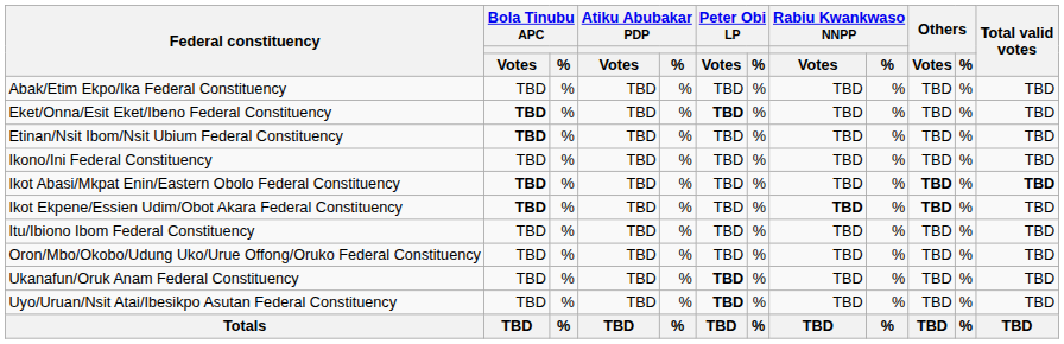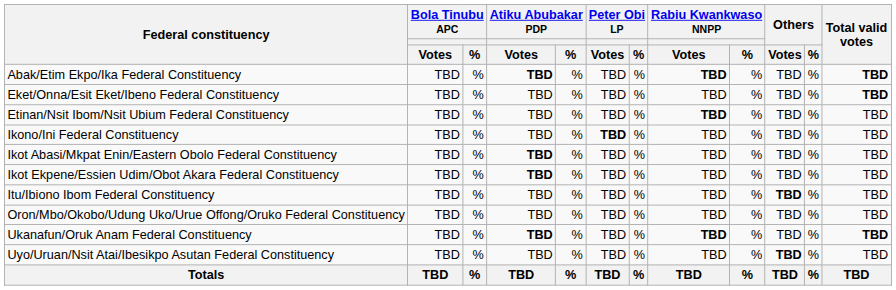 <table class="wikitable sortable" style="text-align:right; font-size:90%">
 <tr>
 <th rowspan="3" style="max-width:7.5em;">Federal constituency</th>
 <th colspan="2"><a href='#'>Bola Tinubu</a><br><small>APC</small></th>
 <th colspan="2"><a href='#'>Atiku Abubakar</a><br><small>PDP</small></th>
 <th colspan="2"><a href='#'>Peter Obi</a><br><small>LP</small></th>
 <th colspan="2"><a href='#'>Rabiu Kwankwaso</a><br><small>NNPP</small></th>
 <th colspan="2" rowspan="2">Others</th>
 <th rowspan="3" style="max-width:5em;">Total valid votes</th>
 </tr>
 <tr>
 <th colspan=2 style="background-color:"></th>
 <th colspan=2 style="background-color:"></th>
 <th colspan=2 style="background-color:"></th>
 <th colspan=2 style="background-color:"></th>
 </tr>
 <tr>
 <th>Votes</th>
 <th>%</th>
 <th>Votes</th>
 <th>%</th>
 <th>Votes</th>
 <th>%</th>
 <th>Votes</th>
 <th>%</th>
 <th>Votes</th>
 <th>%</th>
 </tr>
 <tr style="background-color:#">
 <td style="text-align:left;">Abak/Etim Ekpo/Ika Federal Constituency</td>
 <td>TBD</td>
 <td>%</td>
+<td><strong>TBD</strong></td>
+<td>%</td>
+<td>TBD</td>
+<td>%</td>
+<td><strong>TBD</strong></td>
+<td>%</td>
+<td>TBD</td>
+<td>%</td>
+<td><strong>TBD</strong></td>
+</tr>
+<tr style="background-color:#">
+<td style="text-align:left;">Eket/Onna/Esit Eket/Ibeno Federal Constituency</td>
 <td>TBD</td>
 <td>%</td>
 <td>TBD</td>
 <td>%</td>
 <td>TBD</td>
 <td>%</td>
 <td>TBD</td>
 <td>%</td>
 <td>TBD</td>
+<td>%</td>
+<td><strong>TBD</strong></td>
 </tr>
 <tr style="background-color:#">
-<td style="text-align:left;">Eket/Onna/Esit Eket/Ibeno Federal Constituency</td>
+<td style="text-align:left;">Etinan/Nsit Ibom/Nsit Ubium Federal Constituency</td>
+<td>TBD</td>
+<td>%</td>
+<td>TBD</td>
+<td>%</td>
+<td>TBD</td>
+<td>%</td>
 <td><strong>TBD</strong></td>
+<td>%</td>
+<td>TBD</td>
+<td>%</td>
+<td>TBD</td>
+</tr>
+<tr style="background-color:#">
+<td style="text-align:left;">Ikono/Ini Federal Constituency</td>
+<td>TBD</td>
 <td>%</td>
 <td>TBD</td>
 <td>%</td>
 <td><strong>TBD</strong></td>
 <td>%</td>
 <td>TBD</td>
 <td>%</td>
 <td>TBD</td>
 <td>%</td>
 <td>TBD</td>
 </tr>
 <tr style="background-color:#">
-<td style="text-align:left;">Etinan/Nsit Ibom/Nsit Ubium Federal Constituency</td>
+<td style="text-align:left;">Ikot Abasi/Mkpat Enin/Eastern Obolo Federal Constituency</td>
+<td>TBD</td>
+<td>%</td>
 <td><strong>TBD</strong></td>
-<td>%</td>
-<td>TBD</td>
 <td>%</td>
 <td>TBD</td>
 <td>%</td>
 <td>TBD</td>
 <td>%</td>
 <td>TBD</td>
 <td>%</td>
 <td>TBD</td>
 </tr>
 <tr style="background-color:#">
-<td style="text-align:left;">Ikono/Ini Federal Constituency</td>
+<td style="text-align:left;">Ikot Ekpene/Essien Udim/Obot Akara Federal Constituency</td>
 <td>TBD</td>
 <td>%</td>
-<td>TBD</td>
-<td>%</td>
-<td>TBD</td>
-<td>%</td>
-<td>TBD</td>
-<td>%</td>
-<td>TBD</td>
-<td>%</td>
-<td>TBD</td>
-</tr>
-<tr style="background-color:#">
-<td style="text-align:left;">Ikot Abasi/Mkpat Enin/Eastern Obolo Federal Constituency</td>
 <td><strong>TBD</strong></td>
 <td>%</td>
 <td>TBD</td>
 <td>%</td>
 <td>TBD</td>
 <td>%</td>
 <td>TBD</td>
-<td>%</td>
-<td><strong>TBD</strong></td>
-<td>%</td>
-<td><strong>TBD</strong></td>
-</tr>
-<tr style="background-color:#">
-<td style="text-align:left;">Ikot Ekpene/Essien Udim/Obot Akara Federal Constituency</td>
-<td><strong>TBD</strong></td>
-<td>%</td>
-<td>TBD</td>
-<td>%</td>
-<td>TBD</td>
-<td>%</td>
-<td><strong>TBD</strong></td>
-<td>%</td>
-<td><strong>TBD</strong></td>
 <td>%</td>
 <td>TBD</td>
 </tr>
 <tr style="background-color:#">
 <td style="text-align:left;">Itu/Ibiono Ibom Federal Constituency</td>
 <td>TBD</td>
 <td>%</td>
 <td>TBD</td>
 <td>%</td>
 <td>TBD</td>
 <td>%</td>
 <td>TBD</td>
 <td>%</td>
-<td>TBD</td>
+<td><strong>TBD</strong></td>
 <td>%</td>
 <td>TBD</td>
 </tr>
 <tr style="background-color:#">
 <td style="text-align:left;">Oron/Mbo/Okobo/Udung Uko/Urue Offong/Oruko Federal Constituency</td>
 <td>TBD</td>
 <td>%</td>
 <td>TBD</td>
 <td>%</td>
 <td>TBD</td>
 <td>%</td>
 <td>TBD</td>
 <td>%</td>
 <td>TBD</td>
 <td>%</td>
 <td>TBD</td>
 </tr>
 <tr style="background-color:#">
 <td style="text-align:left;">Ukanafun/Oruk Anam Federal Constituency</td>
 <td>TBD</td>
 <td>%</td>
+<td><strong>TBD</strong></td>
+<td>%</td>
 <td>TBD</td>
 <td>%</td>
 <td><strong>TBD</strong></td>
 <td>%</td>
 <td>TBD</td>
 <td>%</td>
-<td>TBD</td>
-<td>%</td>
-<td>TBD</td>
+<td><strong>TBD</strong></td>
 </tr>
 <tr style="background-color:#">
 <td style="text-align:left;">Uyo/Uruan/Nsit Atai/Ibesikpo Asutan Federal Constituency</td>
 <td>TBD</td>
 <td>%</td>
 <td>TBD</td>
 <td>%</td>
-<td><strong>TBD</strong></td>
+<td>TBD</td>
 <td>%</td>
 <td>TBD</td>
 <td>%</td>
-<td>TBD</td>
+<td><strong>TBD</strong></td>
 <td>%</td>
 <td>TBD</td>
 </tr>
 <tr>
 <th>Totals</th>
 <th>TBD</th>
 <th>%</th>
 <th>TBD</th>
 <th>%</th>
 <th>TBD</th>
 <th>%</th>
 <th>TBD</th>
 <th>%</th>
 <th>TBD</th>
 <th>%</th>
 <th>TBD</th>
 </tr>
 </table>
